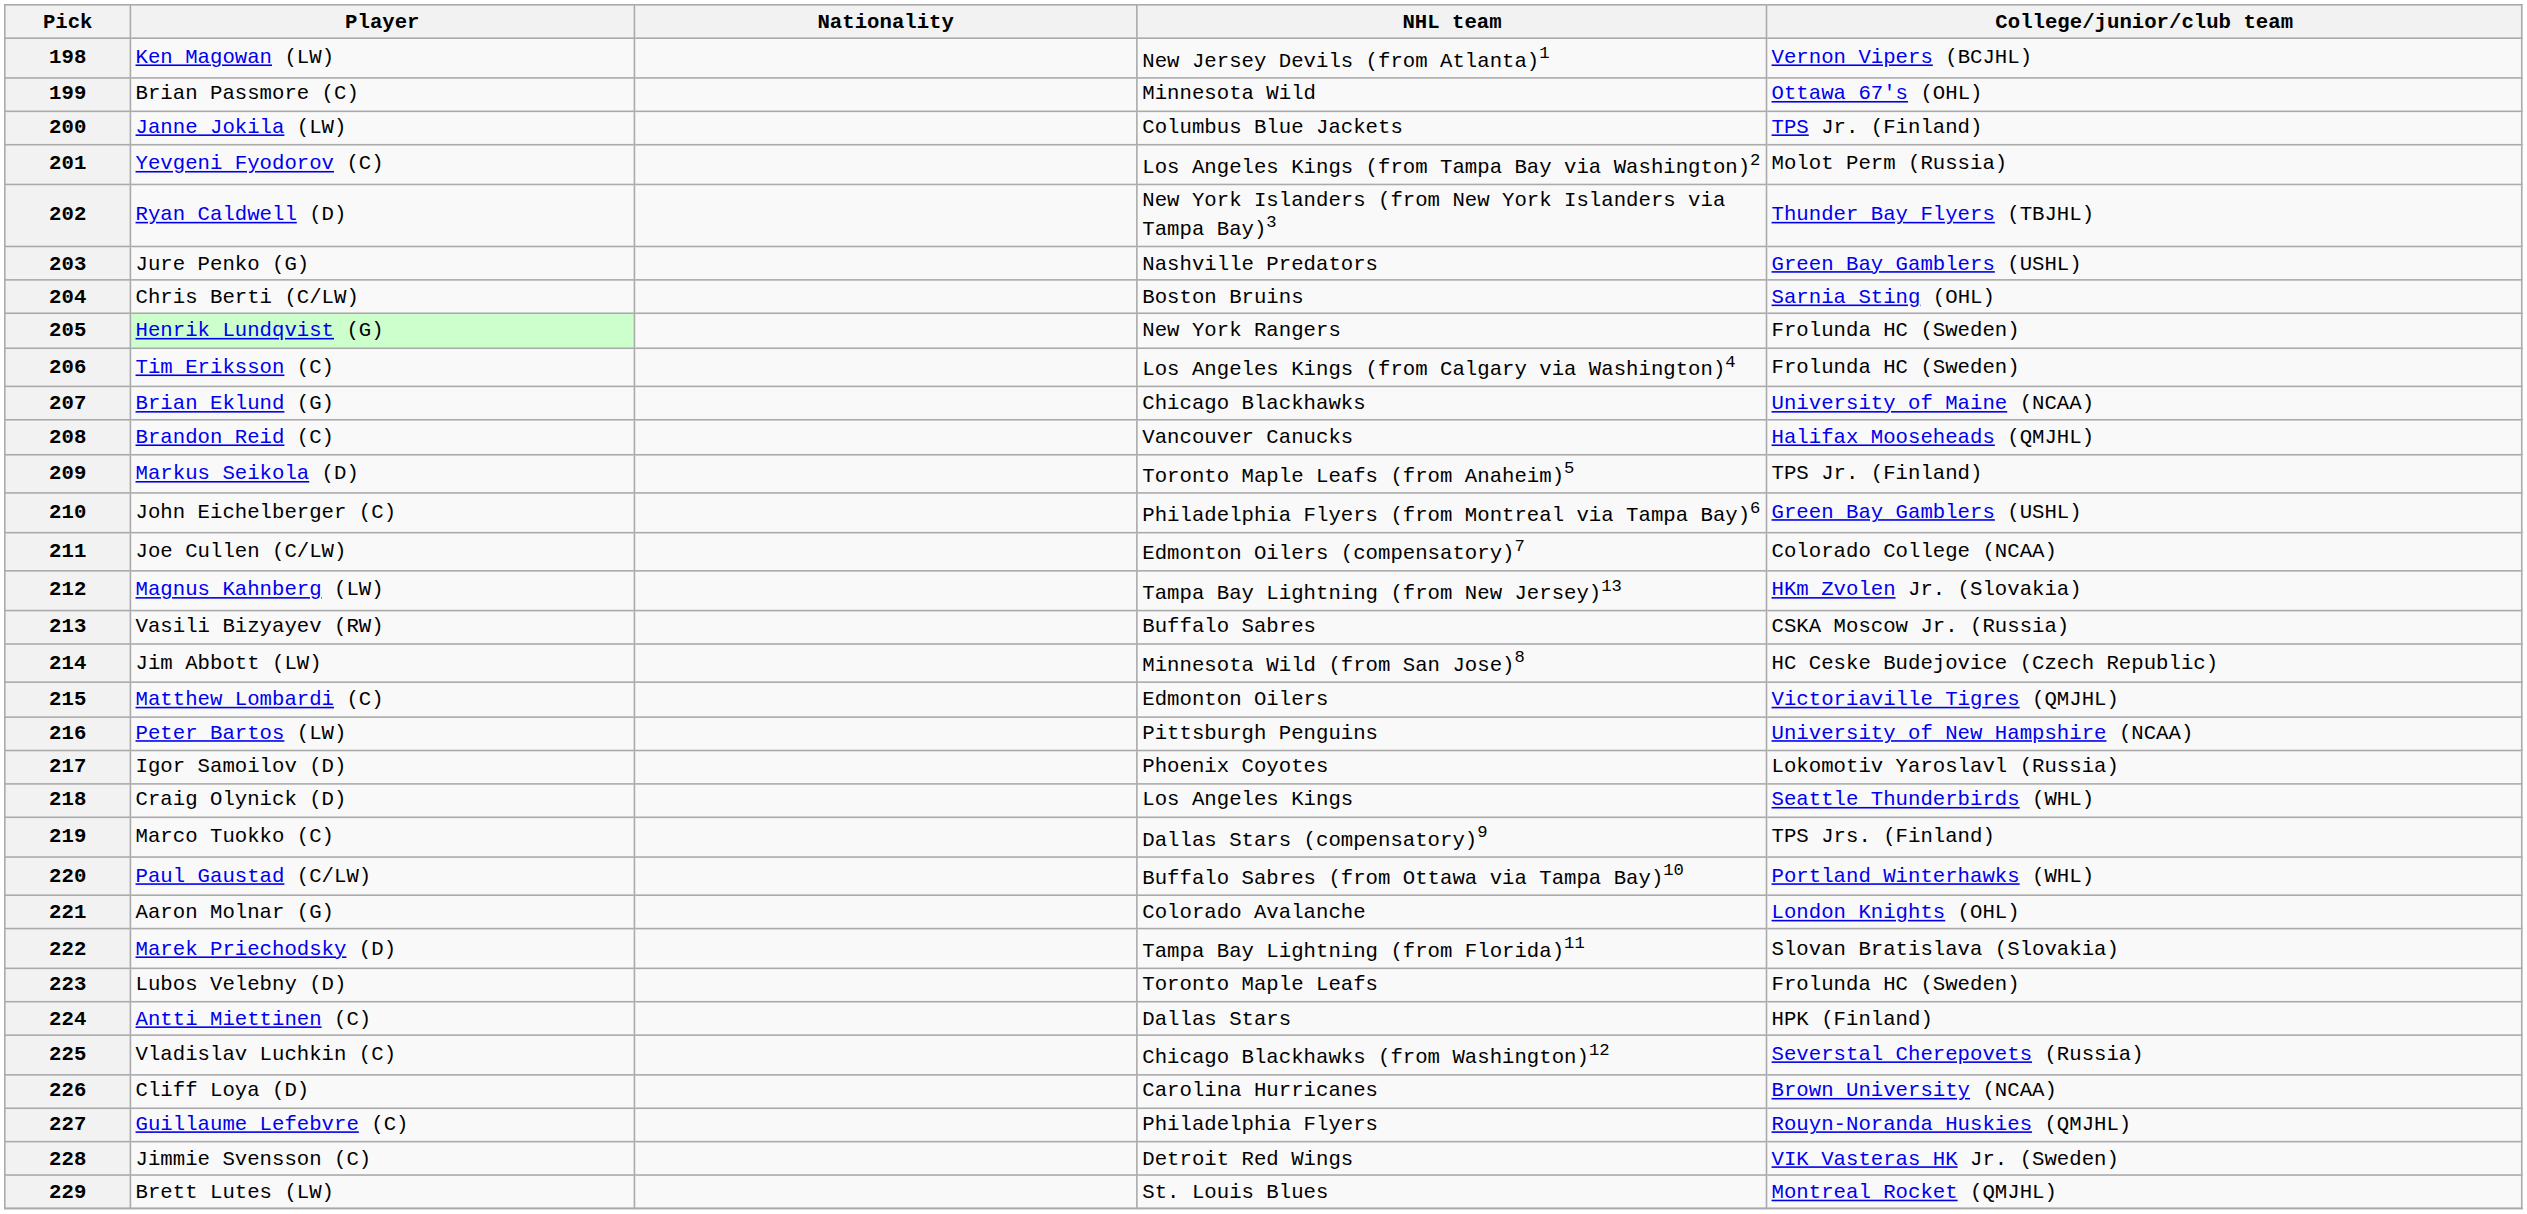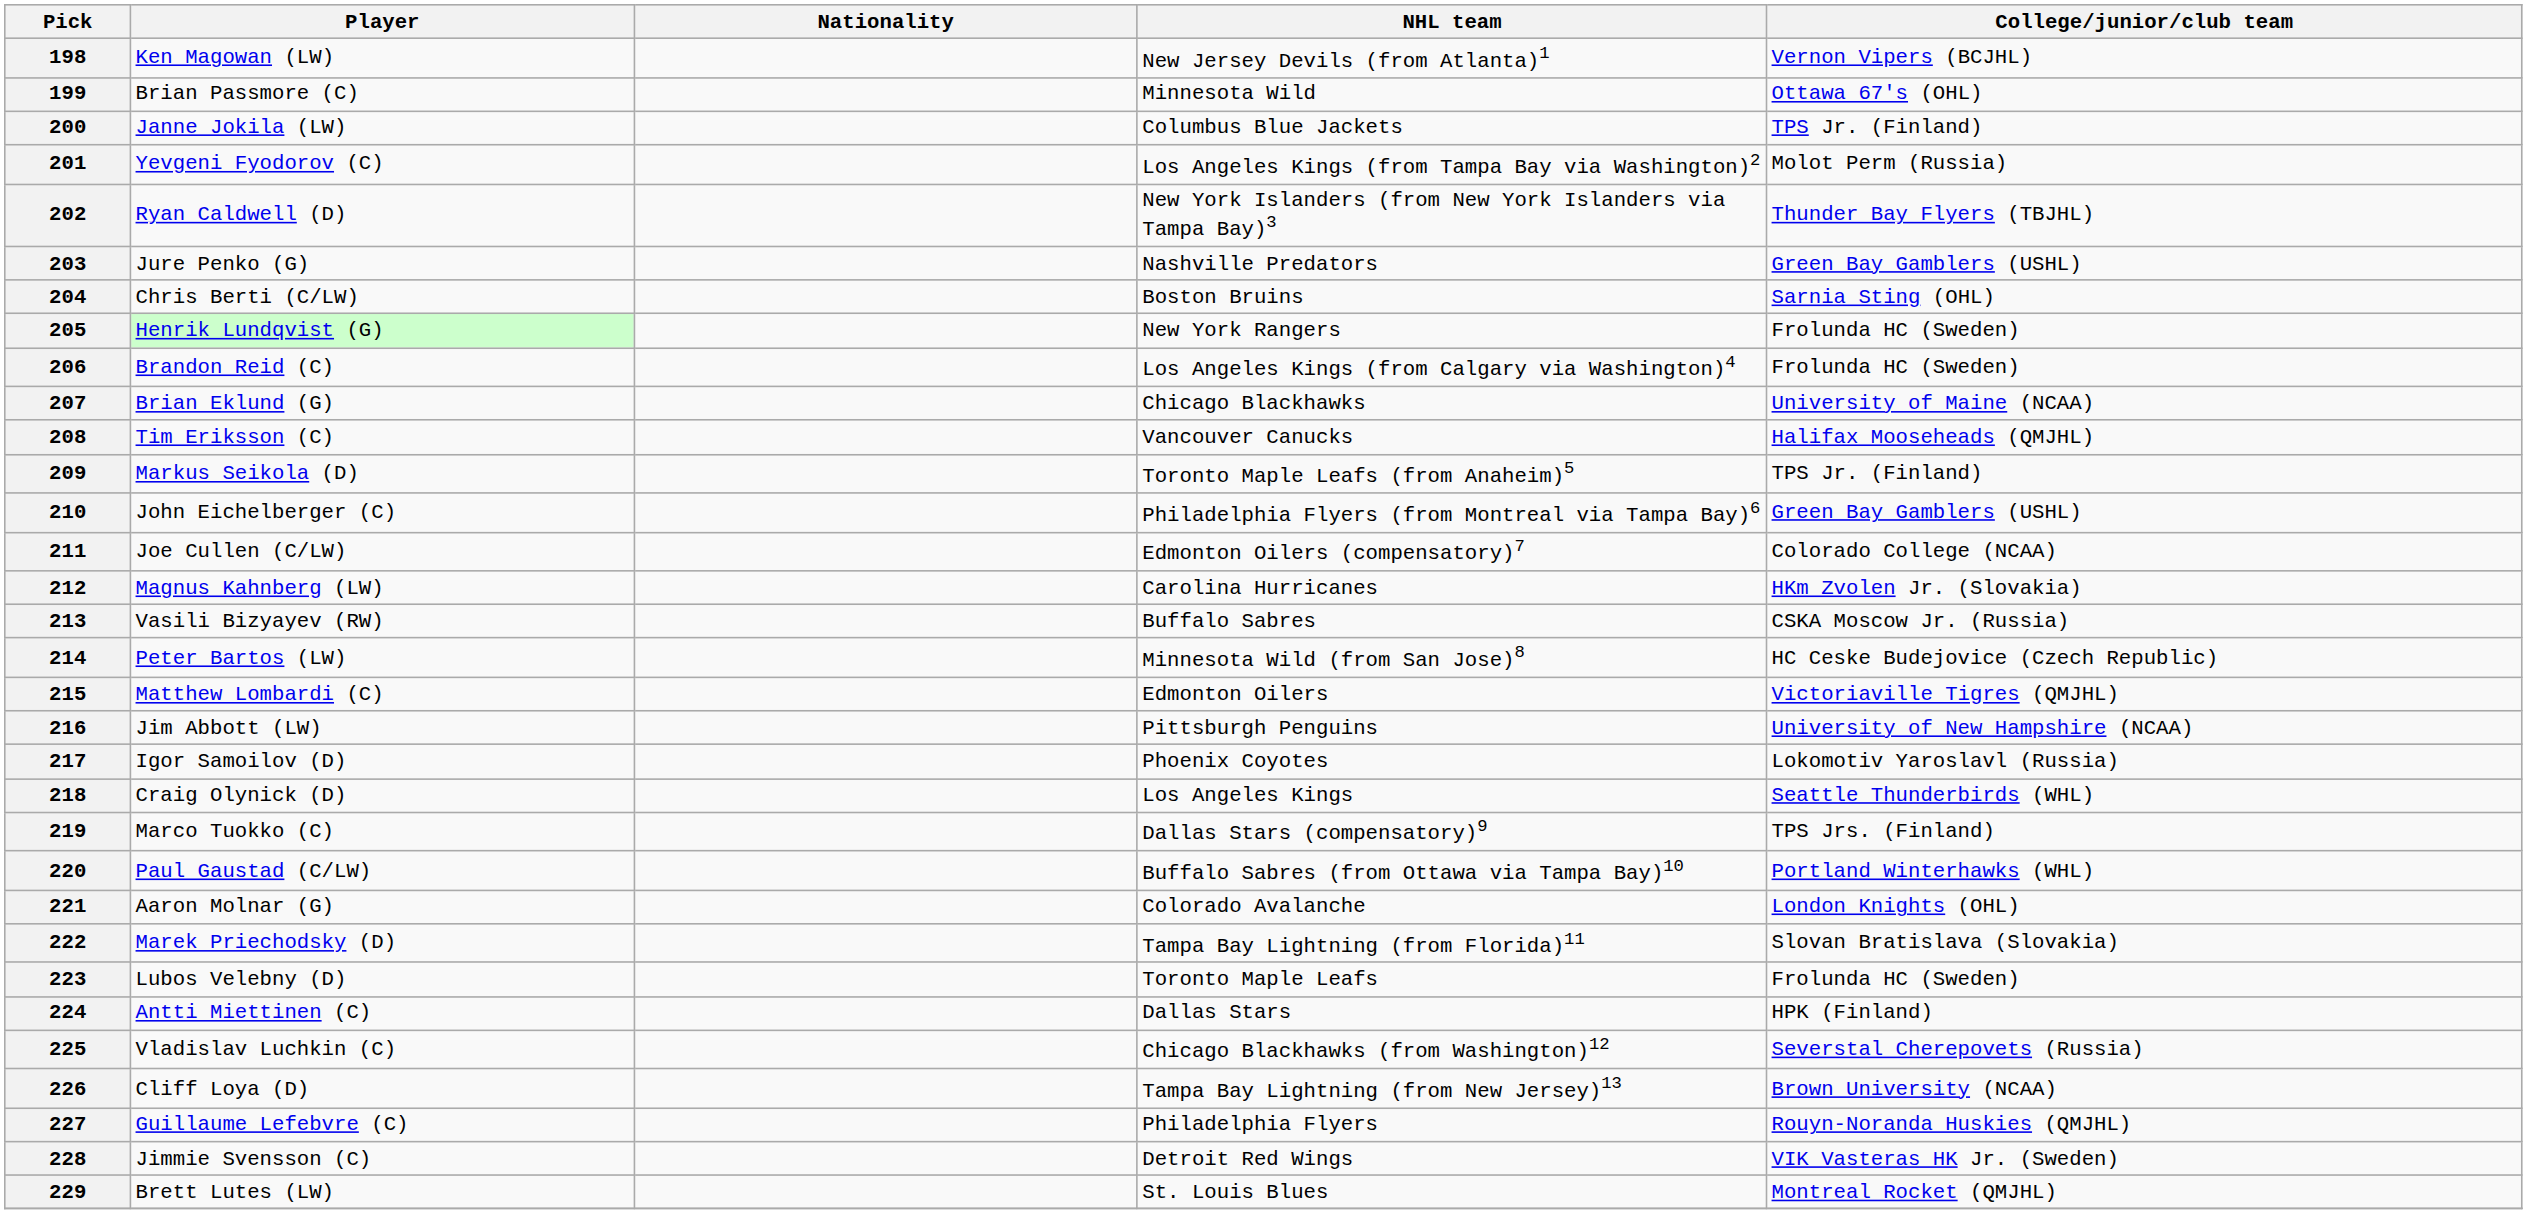 <table class="wikitable" style="width: 100%">
 <tr>
 <th bgcolor="#DDDDFF" width="5%">Pick</th>
 <th bgcolor="#DDDDFF" width="20%">Player</th>
 <th bgcolor="#DDDDFF" width="20%">Nationality</th>
 <th bgcolor="#DDDDFF" width="25%">NHL team</th>
 <th bgcolor="#DDDDFF" width="30%">College/junior/club team</th>
 </tr>
 <tr>
 <th>198</th>
 <td><a href='#'>Ken Magowan</a> (LW)</td>
 <td></td>
 <td>New Jersey Devils (from Atlanta)<sup>1</sup></td>
 <td><a href='#'>Vernon Vipers</a> (BCJHL)</td>
 </tr>
 <tr>
 <th>199</th>
 <td>Brian Passmore (C)</td>
 <td></td>
 <td>Minnesota Wild</td>
 <td><a href='#'>Ottawa 67's</a> (OHL)</td>
 </tr>
 <tr>
 <th>200</th>
 <td><a href='#'>Janne Jokila</a> (LW)</td>
 <td></td>
 <td>Columbus Blue Jackets</td>
 <td><a href='#'>TPS</a> Jr. (Finland)</td>
 </tr>
 <tr>
 <th>201</th>
 <td><a href='#'>Yevgeni Fyodorov</a> (C)</td>
 <td></td>
 <td>Los Angeles Kings (from Tampa Bay via Washington)<sup>2</sup></td>
 <td>Molot Perm (Russia)</td>
 </tr>
 <tr>
 <th>202</th>
 <td><a href='#'>Ryan Caldwell</a> (D)</td>
 <td></td>
 <td>New York Islanders (from New York Islanders via Tampa Bay)<sup>3</sup></td>
 <td><a href='#'>Thunder Bay Flyers</a> (TBJHL)</td>
 </tr>
 <tr>
 <th>203</th>
 <td>Jure Penko (G)</td>
 <td></td>
 <td>Nashville Predators</td>
 <td><a href='#'>Green Bay Gamblers</a> (USHL)</td>
 </tr>
 <tr>
 <th>204</th>
 <td>Chris Berti (C/LW)</td>
 <td></td>
 <td>Boston Bruins</td>
 <td><a href='#'>Sarnia Sting</a> (OHL)</td>
 </tr>
 <tr>
 <th>205</th>
 <td bgcolor="#CCFFCC"><a href='#'>Henrik Lundqvist</a> (G)</td>
 <td></td>
 <td>New York Rangers</td>
 <td>Frolunda HC (Sweden)</td>
 </tr>
 <tr>
 <th>206</th>
-<td><a href='#'>Tim Eriksson</a> (C)</td>
+<td><a href='#'>Brandon Reid</a> (C)</td>
 <td></td>
 <td>Los Angeles Kings (from Calgary via Washington)<sup>4</sup></td>
 <td>Frolunda HC (Sweden)</td>
 </tr>
 <tr>
 <th>207</th>
 <td><a href='#'>Brian Eklund</a> (G)</td>
 <td></td>
 <td>Chicago Blackhawks</td>
 <td><a href='#'>University of Maine</a> (NCAA)</td>
 </tr>
 <tr>
 <th>208</th>
-<td><a href='#'>Brandon Reid</a> (C)</td>
+<td><a href='#'>Tim Eriksson</a> (C)</td>
 <td></td>
 <td>Vancouver Canucks</td>
 <td><a href='#'>Halifax Mooseheads</a> (QMJHL)</td>
 </tr>
 <tr>
 <th>209</th>
 <td><a href='#'>Markus Seikola</a> (D)</td>
 <td></td>
 <td>Toronto Maple Leafs (from Anaheim)<sup>5</sup></td>
 <td>TPS Jr. (Finland)</td>
 </tr>
 <tr>
 <th>210</th>
 <td>John Eichelberger (C)</td>
 <td></td>
 <td>Philadelphia Flyers (from Montreal via Tampa Bay)<sup>6</sup></td>
 <td><a href='#'>Green Bay Gamblers</a> (USHL)</td>
 </tr>
 <tr>
 <th>211</th>
 <td>Joe Cullen (C/LW)</td>
 <td></td>
 <td>Edmonton Oilers (compensatory)<sup>7</sup></td>
 <td>Colorado College (NCAA)</td>
 </tr>
 <tr>
 <th>212</th>
 <td><a href='#'>Magnus Kahnberg</a> (LW)</td>
 <td></td>
-<td>Tampa Bay Lightning (from New Jersey)<sup>13</sup></td>
+<td>Carolina Hurricanes</td>
 <td><a href='#'>HKm Zvolen</a> Jr. (Slovakia)</td>
 </tr>
 <tr>
 <th>213</th>
 <td>Vasili Bizyayev (RW)</td>
 <td></td>
 <td>Buffalo Sabres</td>
 <td>CSKA Moscow Jr. (Russia)</td>
 </tr>
 <tr>
 <th>214</th>
-<td>Jim Abbott (LW)</td>
+<td><a href='#'>Peter Bartos</a> (LW)</td>
 <td></td>
 <td>Minnesota Wild (from San Jose)<sup>8</sup></td>
 <td>HC Ceske Budejovice (Czech Republic)</td>
 </tr>
 <tr>
 <th>215</th>
 <td><a href='#'>Matthew Lombardi</a> (C)</td>
 <td></td>
 <td>Edmonton Oilers</td>
 <td><a href='#'>Victoriaville Tigres</a> (QMJHL)</td>
 </tr>
 <tr>
 <th>216</th>
-<td><a href='#'>Peter Bartos</a> (LW)</td>
+<td>Jim Abbott (LW)</td>
 <td></td>
 <td>Pittsburgh Penguins</td>
 <td><a href='#'>University of New Hampshire</a> (NCAA)</td>
 </tr>
 <tr>
 <th>217</th>
 <td>Igor Samoilov (D)</td>
 <td></td>
 <td>Phoenix Coyotes</td>
 <td>Lokomotiv Yaroslavl (Russia)</td>
 </tr>
 <tr>
 <th>218</th>
 <td>Craig Olynick (D)</td>
 <td></td>
 <td>Los Angeles Kings</td>
 <td><a href='#'>Seattle Thunderbirds</a> (WHL)</td>
 </tr>
 <tr>
 <th>219</th>
 <td>Marco Tuokko (C)</td>
 <td></td>
 <td>Dallas Stars (compensatory)<sup>9</sup></td>
 <td>TPS Jrs. (Finland)</td>
 </tr>
 <tr>
 <th>220</th>
 <td><a href='#'>Paul Gaustad</a> (C/LW)</td>
 <td></td>
 <td>Buffalo Sabres (from Ottawa via Tampa Bay)<sup>10</sup></td>
 <td><a href='#'>Portland Winterhawks</a> (WHL)</td>
 </tr>
 <tr>
 <th>221</th>
 <td>Aaron Molnar (G)</td>
 <td></td>
 <td>Colorado Avalanche</td>
 <td><a href='#'>London Knights</a> (OHL)</td>
 </tr>
 <tr>
 <th>222</th>
 <td><a href='#'>Marek Priechodsky</a> (D)</td>
 <td></td>
 <td>Tampa Bay Lightning (from Florida)<sup>11</sup></td>
 <td>Slovan Bratislava (Slovakia)</td>
 </tr>
 <tr>
 <th>223</th>
 <td>Lubos Velebny (D)</td>
 <td></td>
 <td>Toronto Maple Leafs</td>
 <td>Frolunda HC (Sweden)</td>
 </tr>
 <tr>
 <th>224</th>
 <td><a href='#'>Antti Miettinen</a> (C)</td>
 <td></td>
 <td>Dallas Stars</td>
 <td>HPK (Finland)</td>
 </tr>
 <tr>
 <th>225</th>
 <td>Vladislav Luchkin (C)</td>
 <td></td>
 <td>Chicago Blackhawks (from Washington)<sup>12</sup></td>
 <td><a href='#'>Severstal Cherepovets</a> (Russia)</td>
 </tr>
 <tr>
 <th>226</th>
 <td>Cliff Loya (D)</td>
 <td></td>
-<td>Carolina Hurricanes</td>
+<td>Tampa Bay Lightning (from New Jersey)<sup>13</sup></td>
 <td><a href='#'>Brown University</a> (NCAA)</td>
 </tr>
 <tr>
 <th>227</th>
 <td><a href='#'>Guillaume Lefebvre</a> (C)</td>
 <td></td>
 <td>Philadelphia Flyers</td>
 <td><a href='#'>Rouyn-Noranda Huskies</a> (QMJHL)</td>
 </tr>
 <tr>
 <th>228</th>
 <td>Jimmie Svensson (C)</td>
 <td></td>
 <td>Detroit Red Wings</td>
 <td><a href='#'>VIK Vasteras HK</a> Jr. (Sweden)</td>
 </tr>
 <tr>
 <th>229</th>
 <td>Brett Lutes (LW)</td>
 <td></td>
 <td>St. Louis Blues</td>
 <td><a href='#'>Montreal Rocket</a> (QMJHL)</td>
 </tr>
 <tr>
 </tr>
 </table>
